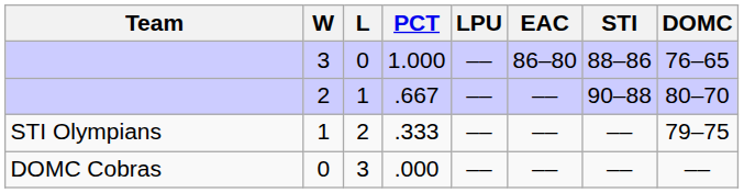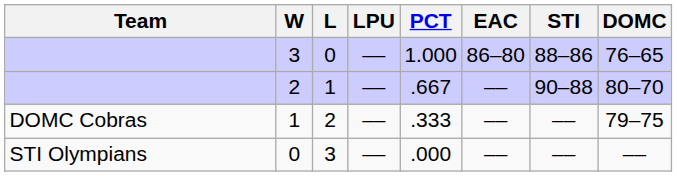 <table class=wikitable style="text-align:center;">
 <tr>
 <th width=200px>Team</th>
 <th width=20px>W</th>
 <th width=20px>L</th>
+<th>LPU</th>
 <th width=30px><a href='#'>PCT</a></th>
-<th>LPU</th>
 <th>EAC</th>
 <th>STI</th>
 <th>DOMC</th>
 </tr>
 <tr bgcolor="#ccccff">
 <td align=left></td>
 <td>3</td>
 <td>0</td>
+<td>––</td>
 <td>1.000</td>
-<td>––</td>
 <td>86–80</td>
 <td>88–86</td>
 <td>76–65</td>
 </tr>
 <tr bgcolor="#ccccff">
 <td align=left></td>
 <td>2</td>
 <td>1</td>
+<td>––</td>
 <td>.667</td>
-<td>––</td>
 <td>––</td>
 <td>90–88</td>
 <td>80–70</td>
 </tr>
 <tr>
-<td align=left> STI Olympians</td>
+<td align=left>DOMC Cobras</td>
 <td>1</td>
 <td>2</td>
+<td>––</td>
 <td>.333</td>
-<td>––</td>
 <td>––</td>
 <td>––</td>
 <td>79–75</td>
 </tr>
 <tr>
-<td align=left>DOMC Cobras</td>
+<td align=left> STI Olympians</td>
 <td>0</td>
 <td>3</td>
+<td>––</td>
 <td>.000</td>
-<td>––</td>
 <td>––</td>
 <td>––</td>
 <td>––</td>
 </tr>
 </table>
